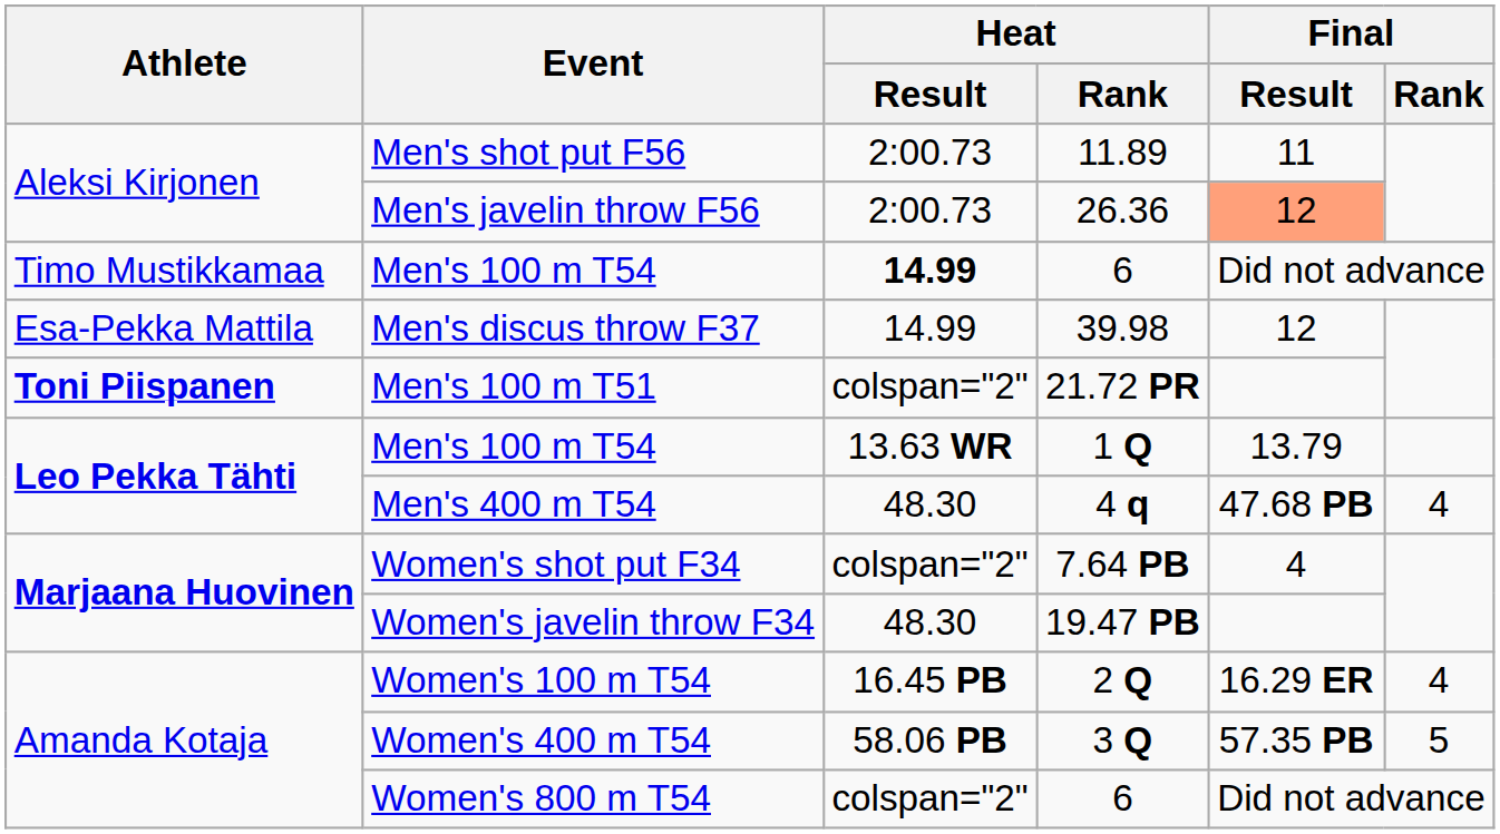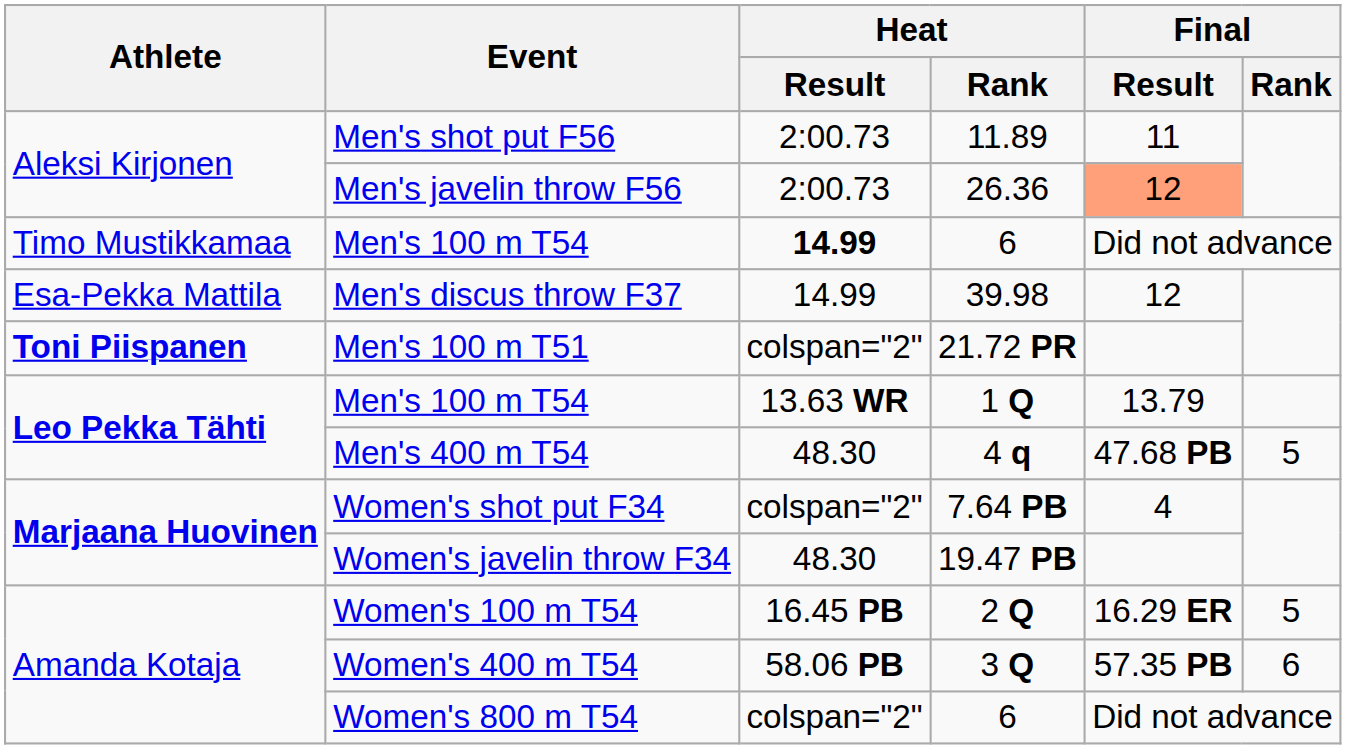 <table class=wikitable>
 <tr>
 <th rowspan="2">Athlete</th>
 <th rowspan="2">Event</th>
 <th colspan="2">Heat</th>
 <th colspan="2">Final</th>
 </tr>
 <tr>
 <th>Result</th>
 <th>Rank</th>
 <th>Result</th>
 <th>Rank</th>
 </tr>
 <tr>
 <td rowspan=2><a href='#'>Aleksi Kirjonen</a></td>
 <td><a href='#'>Men's shot put F56</a></td>
 <td align=center>2:00.73</td>
 <td align=center>11.89</td>
 <td align=center>11</td>
 </tr>
 <tr>
 <td><a href='#'>Men's javelin throw F56</a></td>
 <td align=center>2:00.73</td>
 <td align=center>26.36</td>
 <td align=center style="background: lightsalmon;">12</td>
 </tr>
 <tr>
 <td><a href='#'>Timo Mustikkamaa</a></td>
 <td><a href='#'>Men's 100 m T54</a></td>
 <td align=center><strong>14.99</strong></td>
 <td align=center>6</td>
 <td colspan=2 align=center>Did not advance</td>
 </tr>
 <tr>
 <td><a href='#'>Esa-Pekka Mattila</a></td>
 <td><a href='#'>Men's discus throw F37</a></td>
 <td align=center>14.99</td>
 <td align=center>39.98</td>
 <td align=center>12</td>
 </tr>
 <tr>
 <td><strong><a href='#'>Toni Piispanen</a></strong></td>
 <td><a href='#'>Men's 100 m T51</a></td>
 <td>colspan="2" </td>
 <td align=center>21.72 <strong>PR</strong></td>
 <td align=center></td>
 </tr>
 <tr>
 <td rowspan=2><strong><a href='#'>Leo Pekka Tähti</a></strong></td>
 <td><a href='#'>Men's 100 m T54</a></td>
 <td align=center>13.63 <strong>WR</strong></td>
 <td align=center>1 <strong>Q</strong></td>
 <td align=center>13.79</td>
 <td align=center></td>
 </tr>
 <tr>
 <td><a href='#'>Men's 400 m T54</a></td>
 <td align=center>48.30</td>
 <td align=center>4 <strong>q</strong></td>
 <td align=center>47.68 <strong>PB</strong></td>
-<td align=center>4</td>
+<td align=center>5</td>
 </tr>
 <tr>
 <td rowspan=2><strong><a href='#'>Marjaana Huovinen</a></strong></td>
 <td><a href='#'>Women's shot put F34</a></td>
 <td>colspan="2" </td>
 <td align=center>7.64 <strong>PB</strong></td>
 <td align=center>4</td>
 </tr>
 <tr>
 <td><a href='#'>Women's javelin throw F34</a></td>
 <td align=center>48.30</td>
 <td align=center>19.47 <strong>PB</strong></td>
 <td align=center></td>
 </tr>
 <tr>
 <td rowspan=3><a href='#'>Amanda Kotaja</a></td>
 <td><a href='#'>Women's 100 m T54</a></td>
 <td align=center>16.45 <strong>PB</strong></td>
 <td align=center>2 <strong>Q</strong></td>
 <td align=center>16.29 <strong>ER</strong></td>
-<td align=center>4</td>
+<td align=center>5</td>
 </tr>
 <tr>
 <td><a href='#'>Women's 400 m T54</a></td>
 <td align=center>58.06 <strong>PB</strong></td>
 <td align=center>3 <strong>Q</strong></td>
 <td align=center>57.35 <strong>PB</strong></td>
-<td align=center>5</td>
+<td align=center>6</td>
 </tr>
 <tr>
 <td><a href='#'>Women's 800 m T54</a></td>
 <td>colspan="2" </td>
 <td align=center>6</td>
 <td align=center colspan=2>Did not advance</td>
 </tr>
 </table>
